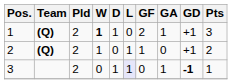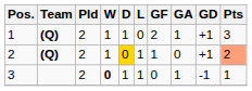 <table class="wikitable">
 <tr>
 <th>Pos.</th>
 <th>Team</th>
 <th>Pld</th>
 <th>W</th>
 <th>D</th>
 <th>L</th>
 <th>GF</th>
 <th>GA</th>
 <th>GD</th>
 <th>Pts</th>
 </tr>
 <tr>
 <td>1</td>
 <td><strong>(Q)</strong></td>
 <td>2</td>
-<td><strong>1</strong></td>
+<td>1</td>
 <td>1</td>
 <td>0</td>
 <td>2</td>
 <td>1</td>
 <td>+1</td>
 <td>3</td>
 </tr>
 <tr>
 <td>2</td>
 <td><strong>(Q)</strong></td>
 <td>2</td>
 <td>1</td>
-<td>0</td>
+<td style="background: gold;">0</td>
 <td>1</td>
 <td>1</td>
 <td>0</td>
 <td>+1</td>
-<td>2</td>
+<td style="background: lightsalmon;">2</td>
 </tr>
 <tr>
 <td>3</td>
 <td></td>
 <td>2</td>
+<td><strong>0</strong></td>
+<td>1</td>
+<td>1</td>
 <td>0</td>
 <td>1</td>
-<td style="background: lavender;">1</td>
-<td>0</td>
-<td>1</td>
-<td><strong>-1</strong></td>
+<td>-1</td>
 <td>1</td>
 </tr>
 <tr>
 </tr>
 </table>
